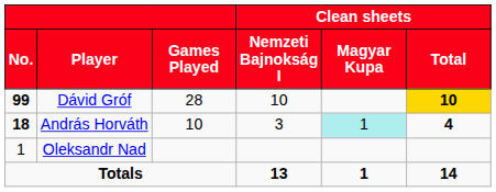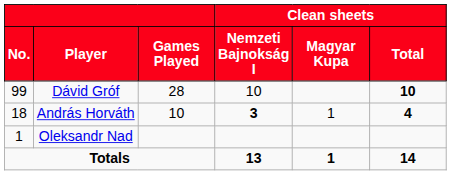 <table class="wikitable sortable alternance" style="text-align:center">
 <tr>
 <th colspan="3" style="background:#fb0019;border:1px solid black"></th>
 <th colspan="4" style="background:#fb0019;color:white;border:1px solid black">Clean sheets</th>
 </tr>
 <tr>
 <th style="background-color:#fb0019;color:white;;border:1px solid black">No.</th>
 <th style="background-color:#fb0019;color:white;border:1px solid black">Player</th>
 <th width=80 style="background-color:#fb0019;color:white;border:1px solid black">Games Played</th>
 <th width=80 style="background-color:#fb0019;color:white;border:1px solid black">Nemzeti Bajnokság I</th>
 <th width=80 style="background-color:#fb0019;color:white;border:1px solid black">Magyar Kupa</th>
 <th width=80 style="background-color:#fb0019;color:white;border:1px solid black">Total</th>
 </tr>
 <tr>
-<td><strong>99</strong></td>
+<td>99</td>
 <td> <a href='#'>Dávid Gróf</a></td>
 <td>28</td>
 <td>10</td>
 <td></td>
-<td style="background: gold;"><strong>10</strong></td>
+<td><strong>10</strong></td>
 </tr>
 <tr>
-<td><strong>18</strong></td>
+<td>18</td>
 <td> <a href='#'>András Horváth</a></td>
 <td>10</td>
-<td>3</td>
-<td style="background: paleturquoise;">1</td>
+<td><strong>3</strong></td>
+<td>1</td>
 <td><strong>4</strong></td>
 </tr>
 <tr>
 <td>1</td>
 <td> <a href='#'>Oleksandr Nad</a></td>
 <td></td>
 <td></td>
 <td></td>
 <td></td>
 </tr>
 <tr class="sortbottom">
 <td colspan="3"><strong>Totals</strong></td>
 <td><strong>13</strong></td>
 <td><strong>1</strong></td>
 <td><strong>14</strong></td>
 </tr>
 </table>
